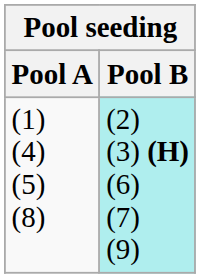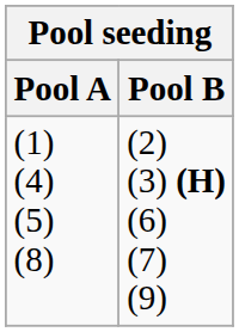 <table class="wikitable collapsible">
 <tr>
 <th colspan=2>Pool seeding</th>
 </tr>
 <tr>
 <th>Pool A</th>
 <th>Pool B</th>
 </tr>
 <tr>
 <td valign=top> (1)<br> (4)<br> (5) <br> (8)</td>
-<td valign=top style="background: paleturquoise;"> (2) <br> (3) <strong>(H)</strong><br> (6)<br> (7)<br> (9)</td>
+<td valign=top> (2) <br> (3) <strong>(H)</strong><br> (6)<br> (7)<br> (9)</td>
 </tr>
 </table>
